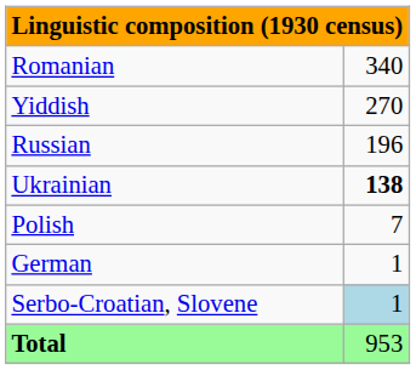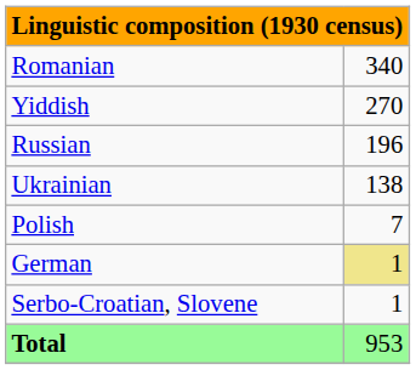 <table class="wikitable" style="display: inline-table;">
 <tr ---->
 <td colspan="3" align="center" bgcolor="#FFA500"><strong>Linguistic composition (1930 census)</strong></td>
 </tr>
 <tr ---->
 <td align=left><a href='#'>Romanian</a></td>
 <td align=right>340</td>
 </tr>
 <tr ---->
 <td align=left><a href='#'>Yiddish</a></td>
 <td align=right>270</td>
 </tr>
 <tr ---->
 <td align=left><a href='#'>Russian</a></td>
 <td align=right>196</td>
 </tr>
 <tr ---->
 <td align=left><a href='#'>Ukrainian</a></td>
-<td align=right><strong>138</strong></td>
+<td align=right>138</td>
 </tr>
 <tr ---->
 <td align=left><a href='#'>Polish</a></td>
 <td align=right>7</td>
 </tr>
 <tr ---->
 <td align=left><a href='#'>German</a></td>
-<td align=right>1</td>
+<td align=right style="background: khaki;">1</td>
 </tr>
 <tr ---->
 <td align=left><a href='#'>Serbo-Croatian</a>, <a href='#'>Slovene</a></td>
-<td align=right style="background: lightblue;">1</td>
+<td align=right>1</td>
 </tr>
 <tr ---->
 <td align=left bgcolor="#98FB98"><strong>Total</strong></td>
 <td align=right bgcolor="#98FB98">953</td>
 </tr>
 <tr ---->
 </tr>
 </table>
